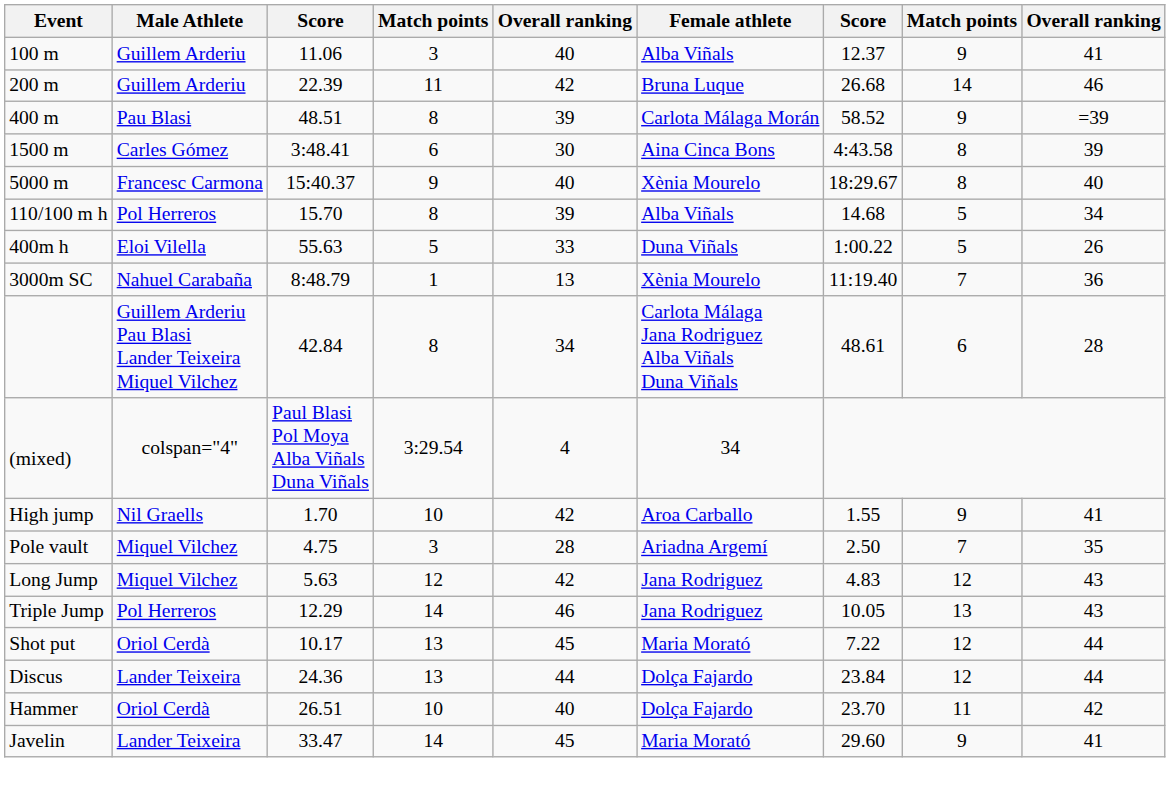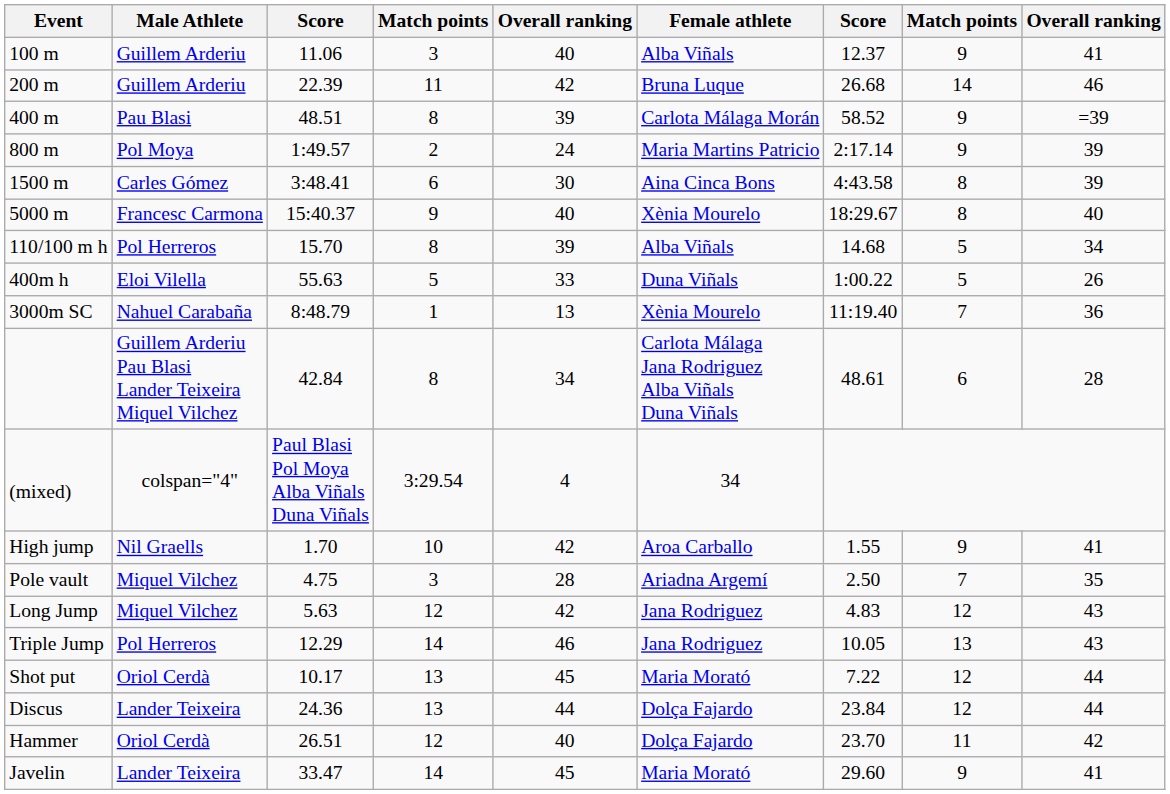 <table class="wikitable" style="text-align:center; font-size:90%">
 <tr>
 <th>Event</th>
 <th>Male Athlete</th>
 <th>Score</th>
 <th>Match points</th>
 <th>Overall ranking</th>
 <th>Female athlete</th>
 <th>Score</th>
 <th>Match points</th>
 <th>Overall ranking</th>
 </tr>
 <tr>
 <td align="left">100 m</td>
 <td align="left"><a href='#'>Guillem Arderiu</a></td>
 <td>11.06</td>
 <td>3</td>
 <td>40</td>
 <td align="left"><a href='#'>Alba Viñals</a></td>
 <td>12.37</td>
 <td>9</td>
 <td>41</td>
 </tr>
 <tr>
 <td align="left">200 m</td>
 <td align="left"><a href='#'>Guillem Arderiu</a></td>
 <td>22.39</td>
 <td>11</td>
 <td>42</td>
 <td align="left"><a href='#'>Bruna Luque</a></td>
 <td>26.68</td>
 <td>14</td>
 <td>46</td>
 </tr>
 <tr>
 <td align="left">400 m</td>
 <td align="left"><a href='#'>Pau Blasi</a></td>
 <td>48.51</td>
 <td>8</td>
 <td>39</td>
 <td align="left"><a href='#'>Carlota Málaga Morán</a></td>
 <td>58.52</td>
 <td>9</td>
 <td>=39</td>
+</tr>
+<tr>
+<td align="left">800 m</td>
+<td align="left"><a href='#'>Pol Moya</a></td>
+<td>1:49.57</td>
+<td>2</td>
+<td>24</td>
+<td align="left"><a href='#'>Maria Martins Patricio</a></td>
+<td>2:17.14</td>
+<td>9</td>
+<td>39</td>
 </tr>
 <tr>
 <td align="left">1500 m</td>
 <td align="left"><a href='#'>Carles Gómez</a></td>
 <td>3:48.41</td>
 <td>6</td>
 <td>30</td>
 <td align="left"><a href='#'>Aina Cinca Bons</a></td>
 <td>4:43.58</td>
 <td>8</td>
 <td>39</td>
 </tr>
 <tr>
 <td align="left">5000 m</td>
 <td align="left"><a href='#'>Francesc Carmona</a></td>
 <td>15:40.37</td>
 <td>9</td>
 <td>40</td>
 <td align="left"><a href='#'>Xènia Mourelo</a></td>
 <td>18:29.67</td>
 <td>8</td>
 <td>40</td>
 </tr>
 <tr>
 <td align="left">110/100 m h</td>
 <td align="left"><a href='#'>Pol Herreros</a></td>
 <td>15.70</td>
 <td>8</td>
 <td>39</td>
 <td align="left"><a href='#'>Alba Viñals</a></td>
 <td>14.68</td>
 <td>5</td>
 <td>34</td>
 </tr>
 <tr>
 <td align="left">400m h</td>
 <td align="left"><a href='#'>Eloi Vilella</a></td>
 <td>55.63</td>
 <td>5</td>
 <td>33</td>
 <td align="left"><a href='#'>Duna Viñals</a></td>
 <td>1:00.22</td>
 <td>5</td>
 <td>26</td>
 </tr>
 <tr>
 <td align="left">3000m SC</td>
 <td align="left"><a href='#'>Nahuel Carabaña</a></td>
 <td>8:48.79</td>
 <td>1</td>
 <td>13</td>
 <td align="left"><a href='#'>Xènia Mourelo</a></td>
 <td>11:19.40</td>
 <td>7</td>
 <td>36</td>
 </tr>
 <tr>
 <td align="left"></td>
 <td align="left"><a href='#'>Guillem Arderiu</a><br><a href='#'>Pau Blasi</a><br><a href='#'>Lander Teixeira</a><br><a href='#'>Miquel Vilchez</a></td>
 <td>42.84</td>
 <td>8</td>
 <td>34</td>
 <td align="left"><a href='#'>Carlota Málaga</a><br><a href='#'>Jana Rodriguez</a><br><a href='#'>Alba Viñals</a><br><a href='#'>Duna Viñals</a></td>
 <td>48.61</td>
 <td>6</td>
 <td>28</td>
 </tr>
 <tr>
 <td align="left"><br>(mixed)</td>
 <td>colspan="4" </td>
 <td align="left"><a href='#'>Paul Blasi</a><br><a href='#'>Pol Moya</a><br><a href='#'>Alba Viñals</a><br><a href='#'>Duna Viñals</a></td>
 <td>3:29.54</td>
 <td>4</td>
 <td>34</td>
 </tr>
 <tr>
 <td align="left">High jump</td>
 <td align="left"><a href='#'>Nil Graells</a></td>
 <td>1.70</td>
 <td>10</td>
 <td>42</td>
 <td align="left"><a href='#'>Aroa Carballo</a></td>
 <td>1.55</td>
 <td>9</td>
 <td>41</td>
 </tr>
 <tr>
 <td align="left">Pole vault</td>
 <td align="left"><a href='#'>Miquel Vilchez</a></td>
 <td>4.75</td>
 <td>3</td>
 <td>28</td>
 <td align="left"><a href='#'>Ariadna Argemí</a></td>
 <td>2.50</td>
 <td>7</td>
 <td>35</td>
 </tr>
 <tr>
 <td align="left">Long Jump</td>
 <td align="left"><a href='#'>Miquel Vilchez</a></td>
 <td>5.63</td>
 <td>12</td>
 <td>42</td>
 <td align="left"><a href='#'>Jana Rodriguez</a></td>
 <td>4.83</td>
 <td>12</td>
 <td>43</td>
 </tr>
 <tr>
 <td align="left">Triple Jump</td>
 <td align="left"><a href='#'>Pol Herreros</a></td>
 <td>12.29</td>
 <td>14</td>
 <td>46</td>
 <td align="left"><a href='#'>Jana Rodriguez</a></td>
 <td>10.05</td>
 <td>13</td>
 <td>43</td>
 </tr>
 <tr>
 <td align="left">Shot put</td>
 <td align="left"><a href='#'>Oriol Cerdà</a></td>
 <td>10.17</td>
 <td>13</td>
 <td>45</td>
 <td align="left"><a href='#'>Maria Morató</a></td>
 <td>7.22</td>
 <td>12</td>
 <td>44</td>
 </tr>
 <tr>
 <td align="left">Discus</td>
 <td align="left"><a href='#'>Lander Teixeira</a></td>
 <td>24.36</td>
 <td>13</td>
 <td>44</td>
 <td align="left"><a href='#'>Dolça Fajardo</a></td>
 <td>23.84</td>
 <td>12</td>
 <td>44</td>
 </tr>
 <tr>
 <td align="left">Hammer</td>
 <td align="left"><a href='#'>Oriol Cerdà</a></td>
 <td>26.51</td>
-<td>10</td>
+<td>12</td>
 <td>40</td>
 <td align="left"><a href='#'>Dolça Fajardo</a></td>
 <td>23.70</td>
 <td>11</td>
 <td>42</td>
 </tr>
 <tr>
 <td align="left">Javelin</td>
 <td align="left"><a href='#'>Lander Teixeira</a></td>
 <td>33.47</td>
 <td>14</td>
 <td>45</td>
 <td align="left"><a href='#'>Maria Morató</a></td>
 <td>29.60</td>
 <td>9</td>
 <td>41</td>
 </tr>
 </table>
